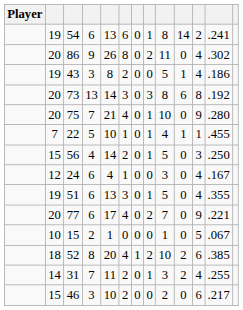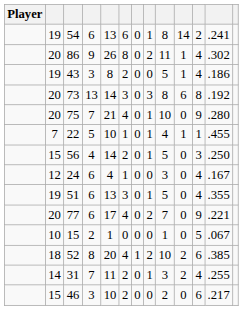 <table class="wikitable sortable">
 <tr>
 <th>Player</th>
 <th></th>
 <th></th>
 <th></th>
 <th></th>
 <th></th>
 <th></th>
 <th></th>
 <th></th>
 <th></th>
 <th></th>
 <th></th>
 <th></th>
 </tr>
 <tr align=center>
 <td></td>
 <td>19</td>
 <td>54</td>
 <td>6</td>
 <td>13</td>
 <td>6</td>
 <td>0</td>
 <td>1</td>
 <td>8</td>
 <td>14</td>
 <td>2</td>
 <td>.241</td>
 <td></td>
 </tr>
 <tr align=center>
 <td></td>
 <td>20</td>
 <td>86</td>
 <td>9</td>
 <td>26</td>
 <td>8</td>
 <td>0</td>
 <td>2</td>
 <td>11</td>
-<td>0</td>
+<td>1</td>
 <td>4</td>
 <td>.302</td>
 <td></td>
 </tr>
 <tr align=center>
 <td></td>
 <td>19</td>
 <td>43</td>
 <td>3</td>
 <td>8</td>
 <td>2</td>
 <td>0</td>
 <td>0</td>
 <td>5</td>
 <td>1</td>
 <td>4</td>
 <td>.186</td>
 <td></td>
 </tr>
 <tr align=center>
 <td></td>
 <td>20</td>
 <td>73</td>
 <td>13</td>
 <td>14</td>
 <td>3</td>
 <td>0</td>
 <td>3</td>
 <td>8</td>
 <td>6</td>
 <td>8</td>
 <td>.192</td>
 <td></td>
 </tr>
 <tr align=center>
 <td></td>
 <td>20</td>
 <td>75</td>
 <td>7</td>
 <td>21</td>
 <td>4</td>
 <td>0</td>
 <td>1</td>
 <td>10</td>
 <td>0</td>
 <td>9</td>
 <td>.280</td>
 <td></td>
 </tr>
 <tr align=center>
 <td></td>
 <td>7</td>
 <td>22</td>
 <td>5</td>
 <td>10</td>
 <td>1</td>
 <td>0</td>
 <td>1</td>
 <td>4</td>
 <td>1</td>
 <td>1</td>
 <td>.455</td>
 <td></td>
 </tr>
 <tr align=center>
 <td></td>
 <td>15</td>
 <td>56</td>
 <td>4</td>
 <td>14</td>
 <td>2</td>
 <td>0</td>
 <td>1</td>
 <td>5</td>
 <td>0</td>
 <td>3</td>
 <td>.250</td>
 <td></td>
 </tr>
 <tr align=center>
 <td></td>
 <td>12</td>
 <td>24</td>
 <td>6</td>
 <td>4</td>
 <td>1</td>
 <td>0</td>
 <td>0</td>
 <td>3</td>
 <td>0</td>
 <td>4</td>
 <td>.167</td>
 <td></td>
 </tr>
 <tr align=center>
 <td></td>
 <td>19</td>
 <td>51</td>
 <td>6</td>
 <td>13</td>
 <td>3</td>
 <td>0</td>
 <td>1</td>
 <td>5</td>
 <td>0</td>
 <td>4</td>
 <td>.355</td>
 <td></td>
 </tr>
 <tr align=center>
 <td></td>
 <td>20</td>
 <td>77</td>
 <td>6</td>
 <td>17</td>
 <td>4</td>
 <td>0</td>
 <td>2</td>
 <td>7</td>
 <td>0</td>
 <td>9</td>
 <td>.221</td>
 <td></td>
 </tr>
 <tr align=center>
 <td></td>
 <td>10</td>
 <td>15</td>
 <td>2</td>
 <td>1</td>
 <td>0</td>
 <td>0</td>
 <td>0</td>
 <td>1</td>
 <td>0</td>
 <td>5</td>
 <td>.067</td>
 <td></td>
 </tr>
 <tr align=center>
 <td></td>
 <td>18</td>
 <td>52</td>
 <td>8</td>
 <td>20</td>
 <td>4</td>
 <td>1</td>
 <td>2</td>
 <td>10</td>
 <td>2</td>
 <td>6</td>
 <td>.385</td>
 <td></td>
 </tr>
 <tr align=center>
 <td></td>
 <td>14</td>
 <td>31</td>
 <td>7</td>
 <td>11</td>
 <td>2</td>
 <td>0</td>
 <td>1</td>
 <td>3</td>
 <td>2</td>
 <td>4</td>
 <td>.255</td>
 <td></td>
 </tr>
 <tr align=center>
 <td></td>
 <td>15</td>
 <td>46</td>
 <td>3</td>
 <td>10</td>
 <td>2</td>
 <td>0</td>
 <td>0</td>
 <td>2</td>
 <td>0</td>
 <td>6</td>
 <td>.217</td>
 <td></td>
 </tr>
 </table>
